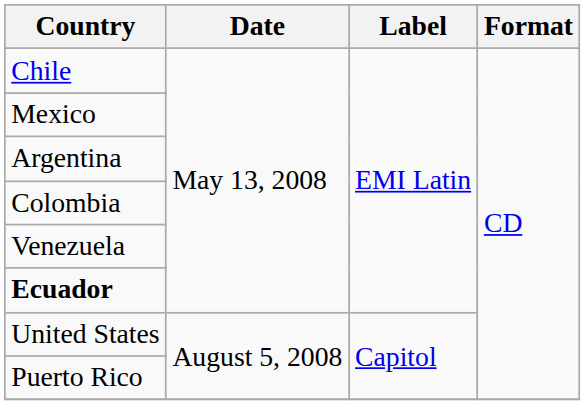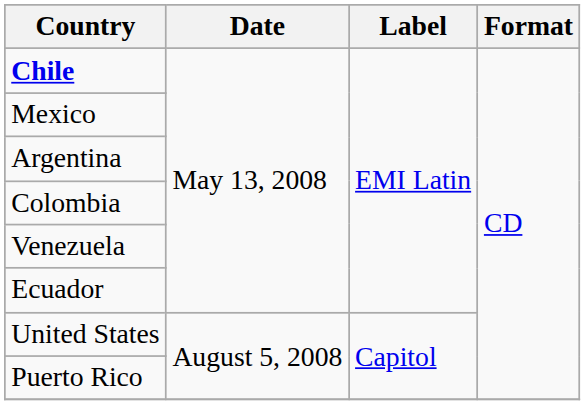 <table class="wikitable" style="font-size: 100%">
 <tr>
 <th>Country</th>
 <th>Date</th>
 <th>Label</th>
 <th>Format</th>
 </tr>
 <tr>
-<td><a href='#'>Chile</a></td>
+<td><strong><a href='#'>Chile</a></strong></td>
 <td rowspan="6">May 13, 2008</td>
 <td rowspan="6"><a href='#'>EMI Latin</a></td>
 <td rowspan="8"><a href='#'>CD</a></td>
 </tr>
 <tr>
 <td>Mexico</td>
 </tr>
 <tr>
 <td>Argentina</td>
 </tr>
 <tr>
 <td>Colombia</td>
 </tr>
 <tr>
 <td>Venezuela</td>
 </tr>
 <tr>
-<td><strong>Ecuador</strong></td>
+<td>Ecuador</td>
 </tr>
 <tr>
 <td>United States</td>
 <td rowspan="2">August 5, 2008</td>
 <td rowspan="2"><a href='#'>Capitol</a></td>
 </tr>
 <tr>
 <td>Puerto Rico</td>
 </tr>
 <tr>
 </tr>
 </table>
